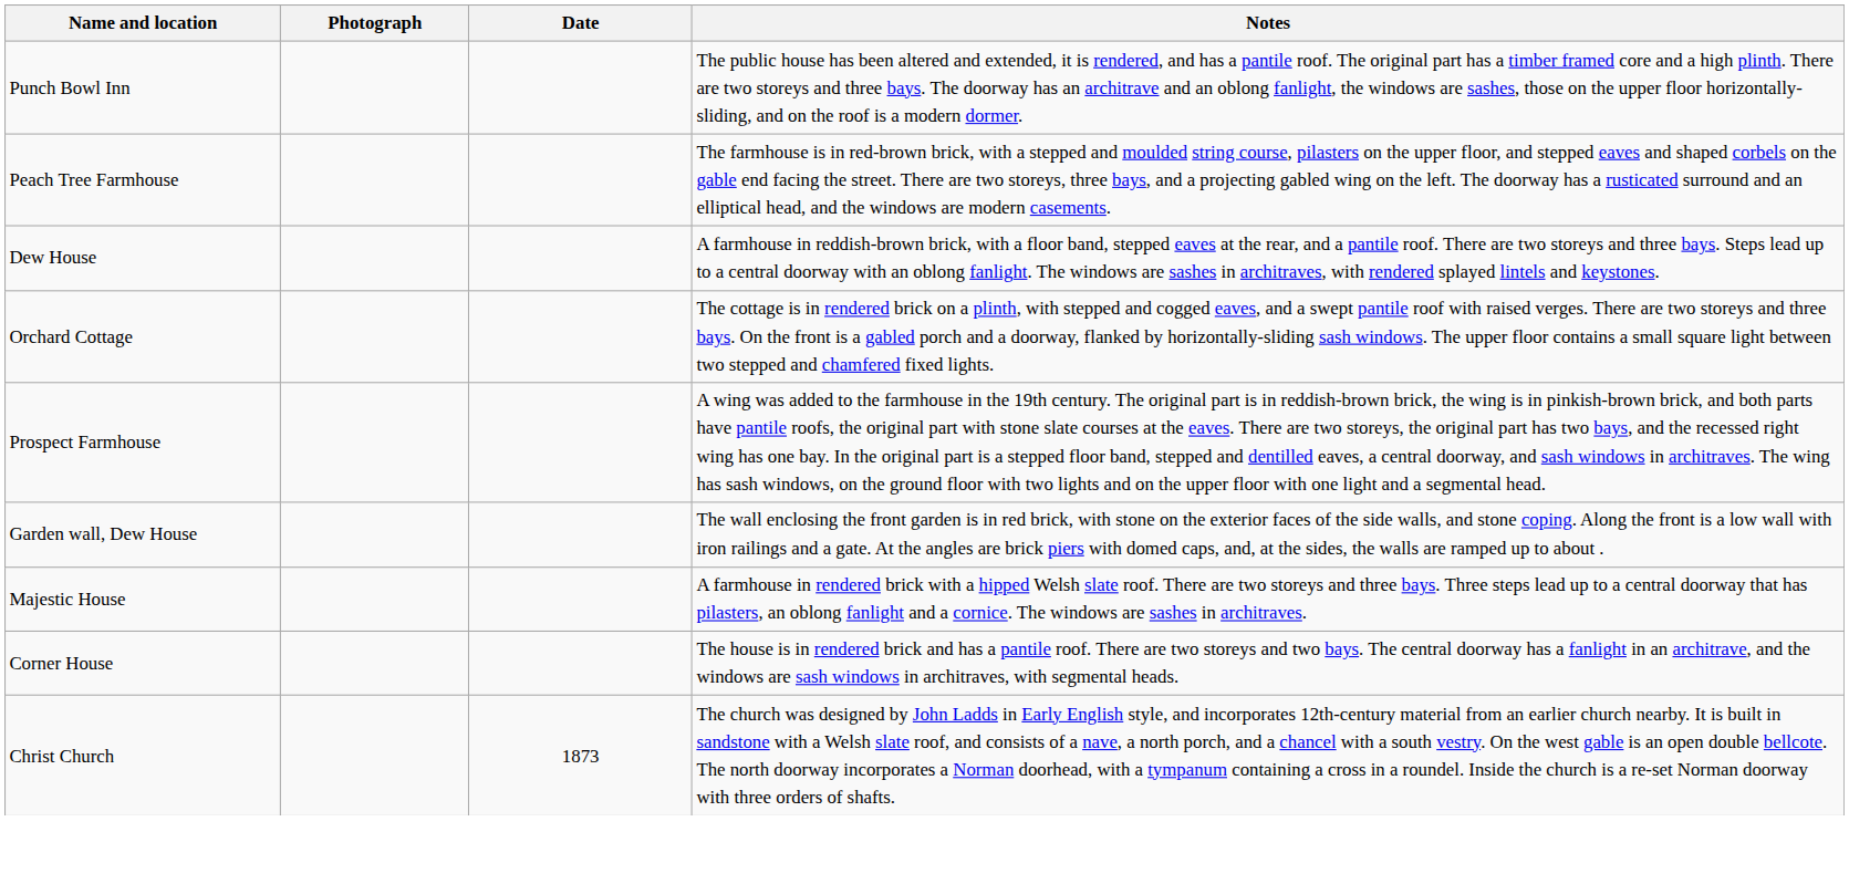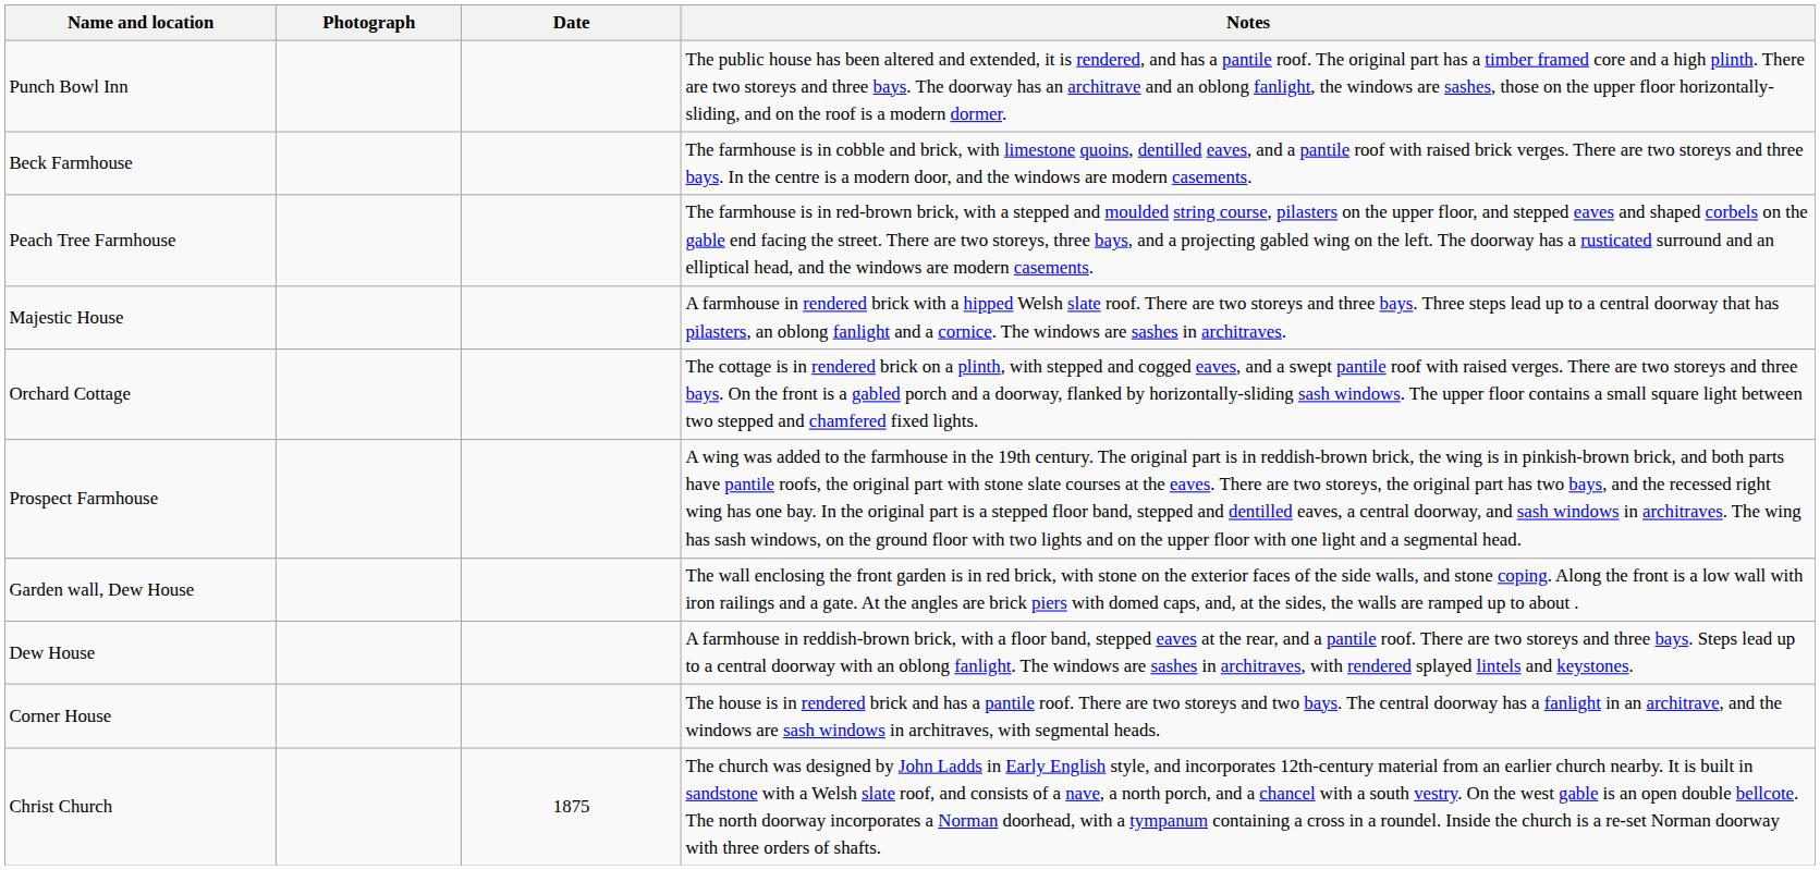 <table class="wikitable sortable plainrowheaders" style="width:100%;border:0px;text-align:left;line-height:150%;">
 <tr>
 <th scope="col"  style="width:150px">Name and location</th>
 <th scope="col"  style="width:100px" class="unsortable">Photograph</th>
 <th scope="col"  style="width:120px">Date</th>
 <th scope="col"  style="width:650px" class="unsortable">Notes</th>
 </tr>
 <tr>
 <td>Punch Bowl Inn<br><small></small></td>
 <td></td>
 <td align="center"></td>
 <td>The public house has been altered and extended, it is <a href='#'>rendered</a>, and has a <a href='#'>pantile</a> roof. The original part has a <a href='#'>timber framed</a> core and a high <a href='#'>plinth</a>. There are two storeys and three <a href='#'>bays</a>. The doorway has an <a href='#'>architrave</a> and an oblong <a href='#'>fanlight</a>, the windows are <a href='#'>sashes</a>, those on the upper floor horizontally-sliding, and on the roof is a modern <a href='#'>dormer</a>.</td>
 </tr>
 <tr>
+<td>Beck Farmhouse<br><small></small></td>
+<td></td>
+<td align="center"></td>
+<td>The farmhouse is in cobble and brick, with <a href='#'>limestone</a> <a href='#'>quoins</a>, <a href='#'>dentilled</a> <a href='#'>eaves</a>, and a <a href='#'>pantile</a> roof with raised brick verges. There are two storeys and three <a href='#'>bays</a>. In the centre is a modern door, and the windows are modern <a href='#'>casements</a>.</td>
+</tr>
+<tr>
 <td>Peach Tree Farmhouse<br><small></small></td>
 <td></td>
 <td align="center"></td>
 <td>The farmhouse is in red-brown brick, with a stepped and <a href='#'>moulded</a> <a href='#'>string course</a>, <a href='#'>pilasters</a> on the upper floor, and stepped <a href='#'>eaves</a> and shaped <a href='#'>corbels</a> on the <a href='#'>gable</a> end facing the street. There are two storeys, three <a href='#'>bays</a>, and a projecting gabled wing on the left. The doorway has a <a href='#'>rusticated</a> surround and an elliptical head, and the windows are modern <a href='#'>casements</a>.</td>
 </tr>
 <tr>
-<td>Dew House<br><small></small></td>
+<td>Majestic House<br><small></small></td>
 <td></td>
 <td align="center"></td>
-<td>A farmhouse in reddish-brown brick, with a floor band, stepped <a href='#'>eaves</a> at the rear, and a <a href='#'>pantile</a> roof. There are two storeys and three <a href='#'>bays</a>. Steps lead up to a central doorway with an oblong <a href='#'>fanlight</a>. The windows are <a href='#'>sashes</a> in <a href='#'>architraves</a>, with <a href='#'>rendered</a> splayed <a href='#'>lintels</a> and <a href='#'>keystones</a>.</td>
+<td>A farmhouse in <a href='#'>rendered</a> brick with a <a href='#'>hipped</a> Welsh <a href='#'>slate</a> roof. There are two storeys and three <a href='#'>bays</a>. Three steps lead up to a central doorway that has <a href='#'>pilasters</a>, an oblong <a href='#'>fanlight</a> and a <a href='#'>cornice</a>. The windows are <a href='#'>sashes</a> in <a href='#'>architraves</a>.</td>
 </tr>
 <tr>
 <td>Orchard Cottage<br><small></small></td>
 <td></td>
 <td align="center"></td>
 <td>The cottage is in <a href='#'>rendered</a> brick on a <a href='#'>plinth</a>, with stepped and cogged <a href='#'>eaves</a>, and a swept <a href='#'>pantile</a> roof with raised verges. There are two storeys and three <a href='#'>bays</a>. On the front is a <a href='#'>gabled</a> porch and a doorway, flanked by horizontally-sliding <a href='#'>sash windows</a>. The upper floor contains a small square light between two stepped and <a href='#'>chamfered</a> fixed lights.</td>
 </tr>
 <tr>
 <td>Prospect Farmhouse<br><small></small></td>
 <td></td>
 <td align="center"></td>
 <td>A wing was added to the farmhouse in the 19th century. The original part is in reddish-brown brick, the wing is in pinkish-brown brick, and both parts have <a href='#'>pantile</a> roofs, the original part with stone slate courses at the <a href='#'>eaves</a>. There are two storeys, the original part has two <a href='#'>bays</a>, and the recessed right wing has one bay. In the original part is a stepped floor band, stepped and <a href='#'>dentilled</a> eaves, a central doorway, and <a href='#'>sash windows</a> in <a href='#'>architraves</a>. The wing has sash windows, on the ground floor with two lights and on the upper floor with one light and a segmental head.</td>
 </tr>
 <tr>
 <td>Garden wall, Dew House<br><small></small></td>
 <td></td>
 <td align="center"></td>
 <td>The wall enclosing the front garden is in red brick, with stone on the exterior faces of the side walls, and stone <a href='#'>coping</a>. Along the front is a low wall with iron railings and a gate. At the angles are brick <a href='#'>piers</a> with domed caps, and, at the sides, the walls are ramped up to about .</td>
 </tr>
 <tr>
-<td>Majestic House<br><small></small></td>
+<td>Dew House<br><small></small></td>
 <td></td>
 <td align="center"></td>
-<td>A farmhouse in <a href='#'>rendered</a> brick with a <a href='#'>hipped</a> Welsh <a href='#'>slate</a> roof. There are two storeys and three <a href='#'>bays</a>. Three steps lead up to a central doorway that has <a href='#'>pilasters</a>, an oblong <a href='#'>fanlight</a> and a <a href='#'>cornice</a>. The windows are <a href='#'>sashes</a> in <a href='#'>architraves</a>.</td>
+<td>A farmhouse in reddish-brown brick, with a floor band, stepped <a href='#'>eaves</a> at the rear, and a <a href='#'>pantile</a> roof. There are two storeys and three <a href='#'>bays</a>. Steps lead up to a central doorway with an oblong <a href='#'>fanlight</a>. The windows are <a href='#'>sashes</a> in <a href='#'>architraves</a>, with <a href='#'>rendered</a> splayed <a href='#'>lintels</a> and <a href='#'>keystones</a>.</td>
 </tr>
 <tr>
 <td>Corner House<br><small></small></td>
 <td></td>
 <td align="center"></td>
 <td>The house is in <a href='#'>rendered</a> brick and has a <a href='#'>pantile</a> roof. There are two storeys and two <a href='#'>bays</a>. The central doorway has a <a href='#'>fanlight</a> in an <a href='#'>architrave</a>, and the windows are <a href='#'>sash windows</a> in architraves, with segmental heads.</td>
 </tr>
 <tr>
 <td>Christ Church<br><small></small></td>
 <td></td>
-<td align="center">1873</td>
+<td align="center">1875</td>
 <td>The church was designed by <a href='#'>John Ladds</a> in <a href='#'>Early English</a> style, and incorporates 12th-century material from an earlier church nearby. It is built in <a href='#'>sandstone</a> with a Welsh <a href='#'>slate</a> roof, and consists of a <a href='#'>nave</a>, a north porch, and a <a href='#'>chancel</a> with a south <a href='#'>vestry</a>. On the west <a href='#'>gable</a> is an open double <a href='#'>bellcote</a>. The north doorway incorporates a <a href='#'>Norman</a> doorhead, with a <a href='#'>tympanum</a> containing a cross in a roundel. Inside the church is a re-set Norman doorway with three orders of shafts.</td>
 </tr>
 <tr>
 </tr>
 </table>
